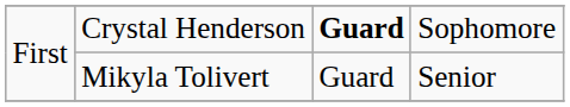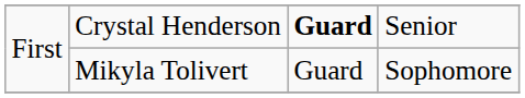 <table class="wikitable">
 <tr align=center>
 </tr>
 <tr>
 <td rowspan=2>First</td>
 <td>Crystal Henderson</td>
 <td><strong>Guard</strong></td>
-<td>Sophomore</td>
+<td>Senior</td>
 </tr>
 <tr>
 <td>Mikyla Tolivert</td>
 <td>Guard</td>
-<td>Senior</td>
+<td>Sophomore</td>
 </tr>
 <tr>
 </tr>
 </table>
